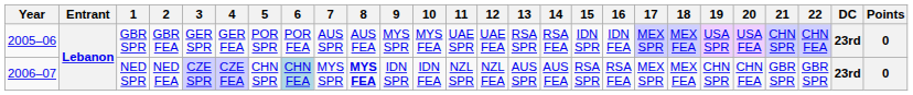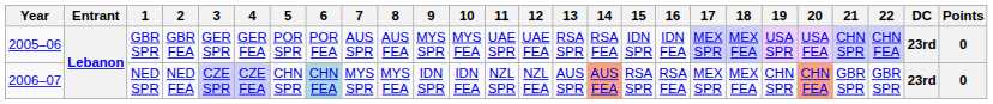 <table class="wikitable" style="text-align:center; font-size:85%">
 <tr>
 <th>Year</th>
 <th>Entrant</th>
 <th>1</th>
 <th>2</th>
 <th>3</th>
 <th>4</th>
 <th>5</th>
 <th>6</th>
 <th>7</th>
 <th>8</th>
 <th>9</th>
 <th>10</th>
 <th>11</th>
 <th>12</th>
 <th>13</th>
 <th>14</th>
 <th>15</th>
 <th>16</th>
 <th>17</th>
 <th>18</th>
 <th>19</th>
 <th>20</th>
 <th>21</th>
 <th>22</th>
 <th>DC</th>
 <th>Points</th>
 </tr>
 <tr>
 <td nowrap><a href='#'>2005–06</a></td>
 <th rowspan=2><a href='#'>Lebanon</a></th>
 <td><a href='#'>GBR<br>SPR</a></td>
 <td><a href='#'>GBR<br>FEA</a></td>
 <td><a href='#'>GER<br>SPR</a></td>
 <td><a href='#'>GER<br>FEA</a></td>
 <td><a href='#'>POR<br>SPR</a></td>
 <td><a href='#'>POR<br>FEA</a></td>
 <td><a href='#'>AUS<br>SPR</a></td>
 <td><a href='#'>AUS<br>FEA</a></td>
 <td><a href='#'>MYS<br>SPR</a></td>
 <td><a href='#'>MYS<br>FEA</a></td>
 <td><a href='#'>UAE<br>SPR</a></td>
 <td><a href='#'>UAE<br>FEA</a></td>
 <td><a href='#'>RSA<br>SPR</a></td>
 <td><a href='#'>RSA<br>FEA</a></td>
 <td><a href='#'>IDN<br>SPR</a></td>
 <td><a href='#'>IDN<br>FEA</a></td>
 <td style="background:#CFCFFF;"><a href='#'>MEX<br>SPR</a><br></td>
 <td style="background:#CFCFFF;"><a href='#'>MEX<br>FEA</a><br></td>
 <td style="background:#EFCFFF;"><a href='#'>USA<br>SPR</a><br></td>
 <td style="background:#EFCFFF;"><a href='#'>USA<br>FEA</a> <br></td>
 <td style="background:#CFCFFF;"><a href='#'>CHN<br>SPR</a><br></td>
 <td style="background:#CFCFFF;"><a href='#'>CHN<br>FEA</a><br></td>
 <th>23rd</th>
 <th>0</th>
 </tr>
 <tr>
 <td nowrap><a href='#'>2006–07</a></td>
 <td><a href='#'>NED<br>SPR</a></td>
 <td><a href='#'>NED<br>FEA</a></td>
 <td style="background:#CFCFFF;"><a href='#'>CZE<br>SPR</a><br></td>
 <td style="background:#CFCFFF;"><a href='#'>CZE<br>FEA</a><br></td>
 <td><a href='#'>CHN<br>SPR</a></td>
 <td style="background: lightblue;"><a href='#'>CHN<br>FEA</a></td>
 <td><a href='#'>MYS<br>SPR</a></td>
-<td><strong><a href='#'>MYS<br>FEA</a></strong></td>
+<td><a href='#'>MYS<br>FEA</a></td>
 <td><a href='#'>IDN<br>SPR</a></td>
 <td><a href='#'>IDN<br>FEA</a></td>
 <td><a href='#'>NZL<br>SPR</a></td>
 <td><a href='#'>NZL<br>FEA</a></td>
 <td><a href='#'>AUS<br>SPR</a></td>
-<td><a href='#'>AUS<br>FEA</a></td>
+<td style="background: lightsalmon;"><a href='#'>AUS<br>FEA</a></td>
 <td><a href='#'>RSA<br>SPR</a></td>
 <td><a href='#'>RSA<br>FEA</a></td>
 <td><a href='#'>MEX<br>SPR</a></td>
 <td><a href='#'>MEX<br>FEA</a></td>
 <td><a href='#'>CHN<br>SPR</a></td>
-<td><a href='#'>CHN<br>FEA</a></td>
+<td style="background: lightsalmon;"><a href='#'>CHN<br>FEA</a></td>
 <td><a href='#'>GBR<br>SPR</a></td>
 <td><a href='#'>GBR<br>SPR</a></td>
 <th>23rd</th>
 <th>0</th>
 </tr>
 </table>
